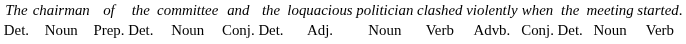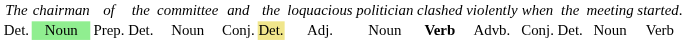 <table style="text-align: center;">
 <tr>
 <td><em>The</em></td>
 <td><em>chairman</em></td>
 <td><em>of</em></td>
 <td><em>the</em></td>
 <td><em>committee</em></td>
 <td><em>and</em></td>
 <td><em>the</em></td>
 <td><em>loquacious</em></td>
 <td><em>politician</em></td>
 <td><em>clashed</em></td>
 <td><em>violently</em></td>
 <td><em>when</em></td>
 <td><em>the</em></td>
 <td><em>meeting</em></td>
 <td><em>started</em>.</td>
 </tr>
 <tr>
 <td>Det.</td>
-<td>Noun</td>
+<td style="background: lightgreen;">Noun</td>
 <td>Prep.</td>
 <td>Det.</td>
 <td>Noun</td>
 <td>Conj.</td>
-<td>Det.</td>
+<td style="background: khaki;">Det.</td>
 <td>Adj.</td>
 <td>Noun</td>
-<td>Verb</td>
+<td><strong>Verb</strong></td>
 <td>Advb.</td>
 <td>Conj.</td>
 <td>Det.</td>
 <td>Noun</td>
 <td>Verb</td>
 </tr>
 </table>
